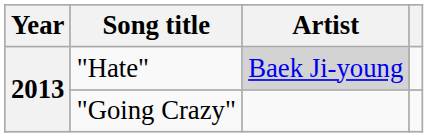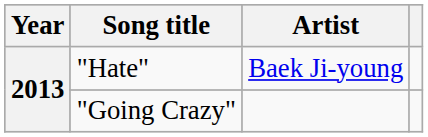 <table class="wikitable plainrowheaders sortable">
 <tr>
 <th>Year</th>
 <th>Song title</th>
 <th>Artist</th>
 <th scope="col" class="unsortable"></th>
 </tr>
 <tr>
 <th scope="row" rowspan="2">2013</th>
 <td>"Hate"</td>
-<td style="background: lightgrey;"><a href='#'>Baek Ji-young</a></td>
+<td><a href='#'>Baek Ji-young</a></td>
 <td style="text-align:center"></td>
 </tr>
 <tr>
 <td>"Going Crazy"</td>
 <td></td>
 <td style="text-align:center"></td>
 </tr>
 </table>
